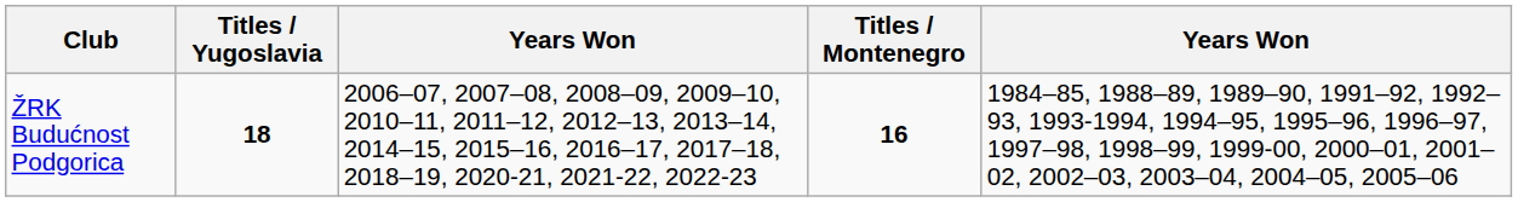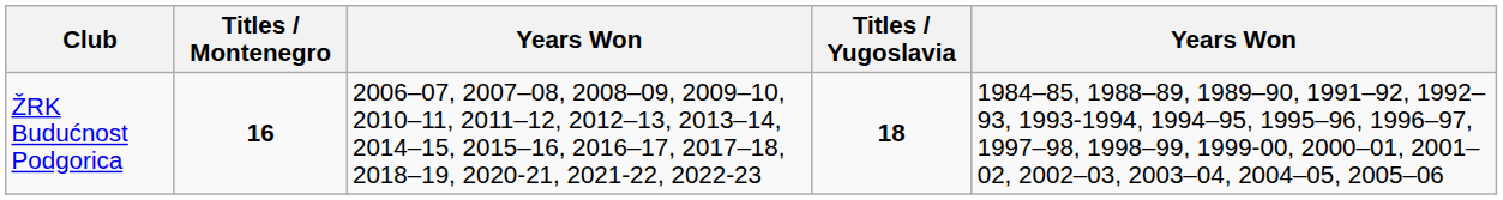 <table class="wikitable" style="font-size:90%">
 <tr>
 <th>Club</th>
+<th>Titles / Montenegro</th>
+<th>Years Won</th>
 <th>Titles / Yugoslavia</th>
-<th>Years Won</th>
-<th>Titles / Montenegro</th>
 <th>Years Won</th>
 </tr>
 <tr>
 <td><a href='#'>ŽRK Budućnost Podgorica</a></td>
+<td align="center"><strong>16</strong></td>
+<td>2006–07, 2007–08, 2008–09, 2009–10, 2010–11, 2011–12, 2012–13, 2013–14, 2014–15, 2015–16, 2016–17, 2017–18, 2018–19, 2020-21, 2021-22, 2022-23</td>
 <td align="center"><strong>18</strong></td>
-<td>2006–07, 2007–08, 2008–09, 2009–10, 2010–11, 2011–12, 2012–13, 2013–14, 2014–15, 2015–16, 2016–17, 2017–18, 2018–19, 2020-21, 2021-22, 2022-23</td>
-<td align="center"><strong>16</strong></td>
 <td>1984–85, 1988–89, 1989–90, 1991–92, 1992–93, 1993-1994, 1994–95, 1995–96, 1996–97, 1997–98, 1998–99, 1999-00, 2000–01, 2001–02, 2002–03, 2003–04, 2004–05, 2005–06</td>
 </tr>
 </table>
